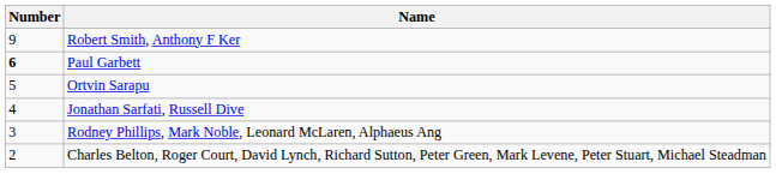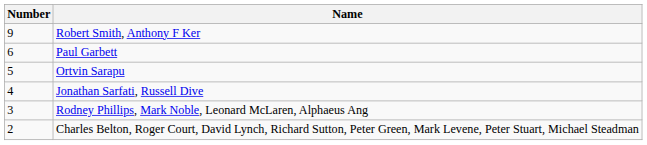 <table class="wikitable">
 <tr>
 <th>Number</th>
 <th>Name</th>
 </tr>
 <tr>
 <td>9</td>
 <td><a href='#'>Robert Smith</a>, <a href='#'>Anthony F Ker</a></td>
 </tr>
 <tr>
-<td><strong>6</strong></td>
+<td>6</td>
 <td><a href='#'>Paul Garbett</a></td>
 </tr>
 <tr>
 <td>5</td>
 <td><a href='#'>Ortvin Sarapu</a></td>
 </tr>
 <tr>
 <td>4</td>
 <td><a href='#'>Jonathan Sarfati</a>, <a href='#'>Russell Dive</a></td>
 </tr>
 <tr>
 <td>3</td>
 <td><a href='#'>Rodney Phillips</a>, <a href='#'>Mark Noble</a>, Leonard McLaren, Alphaeus Ang</td>
 </tr>
 <tr>
 <td>2</td>
 <td>Charles Belton, Roger Court, David Lynch, Richard Sutton, Peter Green, Mark Levene, Peter Stuart, Michael Steadman</td>
 </tr>
 </table>
